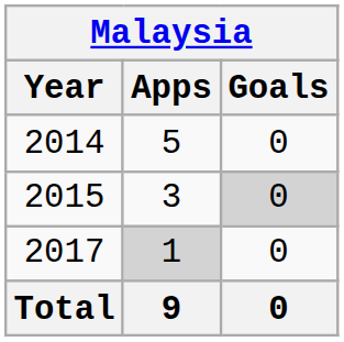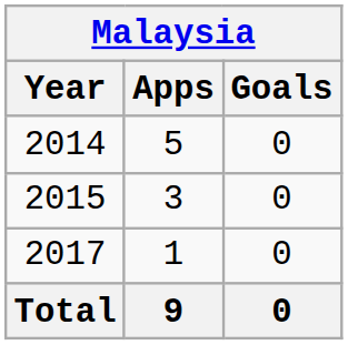 <table class="wikitable" style="text-align:center">
 <tr>
 <th colspan=3><a href='#'>Malaysia</a></th>
 </tr>
 <tr>
 <th>Year</th>
 <th>Apps</th>
 <th>Goals</th>
 </tr>
 <tr>
 <td>2014</td>
 <td>5</td>
 <td>0</td>
 </tr>
 <tr>
 <td>2015</td>
 <td>3</td>
-<td style="background: lightgrey;">0</td>
+<td>0</td>
 </tr>
 <tr>
 <td>2017</td>
-<td style="background: lightgrey;">1</td>
+<td>1</td>
 <td>0</td>
 </tr>
 <tr>
 <th>Total</th>
 <th>9</th>
 <th>0</th>
 </tr>
 </table>
